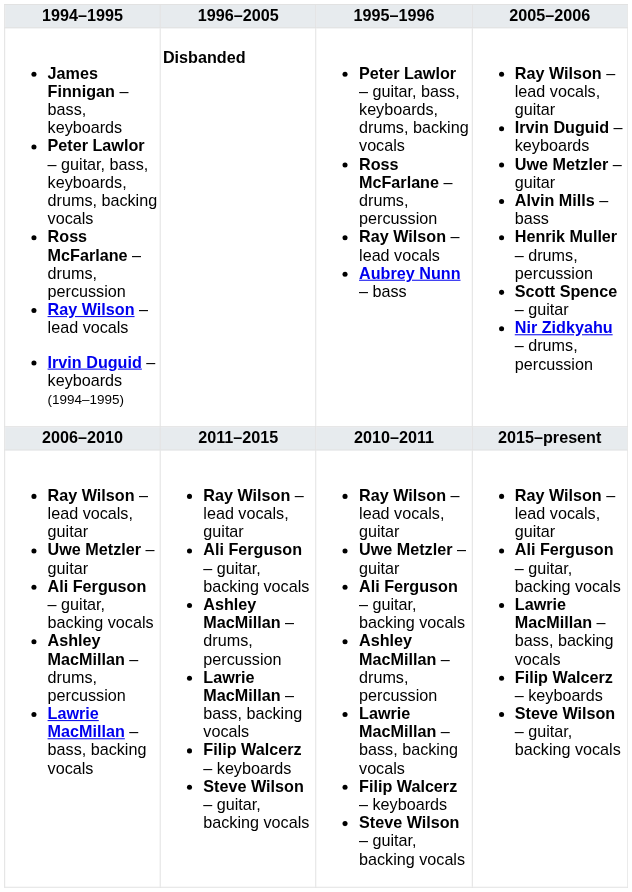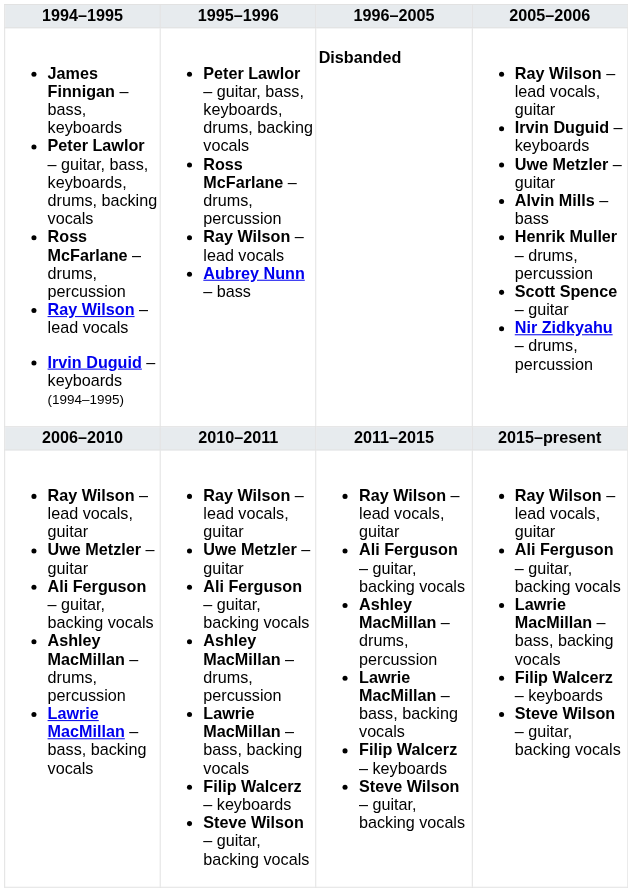 <table class="toccolours" border=1 cellpadding=2 cellspacing=0 style="float: width: 375px; margin: 0 0 1em 1em; border-collapse: collapse; border: 1px solid #E2E2E2;" width=99%>
 <tr>
 <th bgcolor="#E7EBEE" valign=top width=25%>1994–1995</th>
+<th bgcolor="#E7EBEE" valign=top width=25%>1995–1996</th>
 <th bgcolor="#E7EBEE" valign=top width=25%>1996–2005</th>
-<th bgcolor="#E7EBEE" valign=top width=25%>1995–1996</th>
 <th bgcolor="#E7EBEE" valign=top width=25%>2005–2006</th>
 </tr>
 <tr>
 <td valign=top><br><ul><li><strong>James Finnigan</strong> – bass, keyboards</li><li><strong>Peter Lawlor</strong> – guitar, bass, keyboards, drums, backing vocals</li><li><strong>Ross McFarlane</strong> – drums, percussion</li><li><strong><a href='#'>Ray Wilson</a></strong> – lead vocals</li></ul><ul><li><strong><a href='#'>Irvin Duguid</a></strong> – keyboards <small>(1994–1995)</small></li></ul></td>
+<td valign=top><br><ul><li><strong>Peter Lawlor</strong> – guitar, bass, keyboards, drums, backing vocals</li><li><strong>Ross McFarlane</strong> – drums, percussion</li><li><strong>Ray Wilson</strong> – lead vocals</li><li><strong><a href='#'>Aubrey Nunn</a></strong> – bass</li></ul></td>
 <td valign=top><br><strong>Disbanded</strong></td>
-<td valign=top><br><ul><li><strong>Peter Lawlor</strong> – guitar, bass, keyboards, drums, backing vocals</li><li><strong>Ross McFarlane</strong> – drums, percussion</li><li><strong>Ray Wilson</strong> – lead vocals</li><li><strong><a href='#'>Aubrey Nunn</a></strong> – bass</li></ul></td>
 <td valign=top><br><ul><li><strong>Ray Wilson</strong> – lead vocals, guitar</li><li><strong>Irvin Duguid</strong> – keyboards</li><li><strong>Uwe Metzler</strong> – guitar</li><li><strong>Alvin Mills</strong> – bass</li><li><strong>Henrik Muller</strong> – drums, percussion</li><li><strong>Scott Spence</strong> – guitar</li><li><strong><a href='#'>Nir Zidkyahu</a></strong> – drums, percussion</li></ul></td>
 </tr>
 <tr>
 <th bgcolor="#E7EBEE" valign=top width=25%>2006–2010</th>
+<th bgcolor="#E7EBEE" valign=top width=25%>2010–2011</th>
 <th bgcolor="#E7EBEE" valign=top width=25%>2011–2015</th>
-<th bgcolor="#E7EBEE" valign=top width=25%>2010–2011</th>
 <th bgcolor="#E7EBEE" valign=top width=25%>2015–present</th>
 </tr>
 <tr>
 <td valign=top><br><ul><li><strong>Ray Wilson</strong> – lead vocals, guitar</li><li><strong>Uwe Metzler</strong> – guitar</li><li><strong>Ali Ferguson</strong> – guitar, backing vocals</li><li><strong>Ashley MacMillan</strong> – drums, percussion</li><li><strong><a href='#'>Lawrie MacMillan</a></strong> – bass, backing vocals</li></ul></td>
+<td valign=top><br><ul><li><strong>Ray Wilson</strong> – lead vocals, guitar</li><li><strong>Uwe Metzler</strong> – guitar</li><li><strong>Ali Ferguson</strong> – guitar, backing vocals</li><li><strong>Ashley MacMillan</strong> – drums, percussion</li><li><strong>Lawrie MacMillan</strong> – bass, backing vocals</li><li><strong>Filip Walcerz</strong> – keyboards</li><li><strong>Steve Wilson</strong> – guitar, backing vocals</li></ul></td>
 <td valign=top><br><ul><li><strong>Ray Wilson</strong> – lead vocals, guitar</li><li><strong>Ali Ferguson</strong> – guitar, backing vocals</li><li><strong>Ashley MacMillan</strong> – drums, percussion</li><li><strong>Lawrie MacMillan</strong> – bass, backing vocals</li><li><strong>Filip Walcerz</strong> – keyboards</li><li><strong>Steve Wilson</strong> – guitar, backing vocals</li></ul></td>
-<td valign=top><br><ul><li><strong>Ray Wilson</strong> – lead vocals, guitar</li><li><strong>Uwe Metzler</strong> – guitar</li><li><strong>Ali Ferguson</strong> – guitar, backing vocals</li><li><strong>Ashley MacMillan</strong> – drums, percussion</li><li><strong>Lawrie MacMillan</strong> – bass, backing vocals</li><li><strong>Filip Walcerz</strong> – keyboards</li><li><strong>Steve Wilson</strong> – guitar, backing vocals</li></ul></td>
 <td valign=top><br><ul><li><strong>Ray Wilson</strong> – lead vocals, guitar</li><li><strong>Ali Ferguson</strong> – guitar, backing vocals</li><li><strong>Lawrie MacMillan</strong> – bass, backing vocals</li><li><strong>Filip Walcerz</strong> – keyboards</li><li><strong>Steve Wilson</strong> – guitar, backing vocals</li></ul></td>
 </tr>
 </table>
